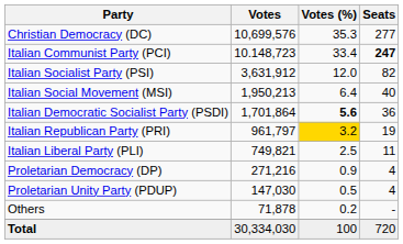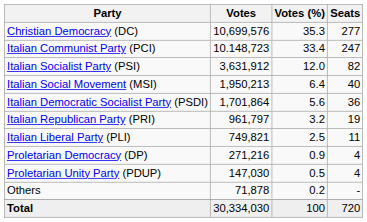 <table class="wikitable" style="font-size: 90%;">
 <tr bgcolor="EFEFEF">
 <th>Party</th>
 <th>Votes</th>
 <th>Votes (%)</th>
 <th>Seats</th>
 </tr>
 <tr>
 <td><a href='#'>Christian Democracy</a> (DC)</td>
 <td align=right>10,699,576</td>
 <td align=right>35.3</td>
 <td align=right>277</td>
 </tr>
 <tr>
 <td><a href='#'>Italian Communist Party</a> (PCI)</td>
 <td align=right>10.148,723</td>
 <td align=right>33.4</td>
-<td align=right><strong>247</strong></td>
+<td align=right>247</td>
 </tr>
 <tr>
 <td><a href='#'>Italian Socialist Party</a> (PSI)</td>
 <td align=right>3,631,912</td>
 <td align=right>12.0</td>
 <td align=right>82</td>
 </tr>
 <tr>
 <td><a href='#'>Italian Social Movement</a> (MSI)</td>
 <td align=right>1,950,213</td>
 <td align=right>6.4</td>
 <td align=right>40</td>
 </tr>
 <tr>
 <td><a href='#'>Italian Democratic Socialist Party</a> (PSDI)</td>
 <td align=right>1,701,864</td>
-<td align=right><strong>5.6</strong></td>
+<td align=right>5.6</td>
 <td align=right>36</td>
 </tr>
 <tr>
 <td><a href='#'>Italian Republican Party</a> (PRI)</td>
 <td align=right>961,797</td>
-<td align=right style="background: gold;">3.2</td>
+<td align=right>3.2</td>
 <td align=right>19</td>
 </tr>
 <tr>
 <td><a href='#'>Italian Liberal Party</a> (PLI)</td>
 <td align=right>749,821</td>
 <td align=right>2.5</td>
 <td align=right>11</td>
 </tr>
 <tr>
 <td><a href='#'>Proletarian Democracy</a> (DP)</td>
 <td align=right>271,216</td>
 <td align=right>0.9</td>
 <td align=right>4</td>
 </tr>
 <tr>
 <td><a href='#'>Proletarian Unity Party</a> (PDUP)</td>
 <td align=right>147,030</td>
 <td align=right>0.5</td>
 <td align=right>4</td>
 </tr>
 <tr>
 <td>Others</td>
 <td align=right>71,878</td>
 <td align=right>0.2</td>
 <td align=right>-</td>
 </tr>
 <tr>
 </tr>
 <tr bgcolor="EFEFEF">
 <td align=left><strong>Total</strong></td>
 <td align=right>30,334,030</td>
 <td align=right>100</td>
 <td align=right>720</td>
 </tr>
 </table>
